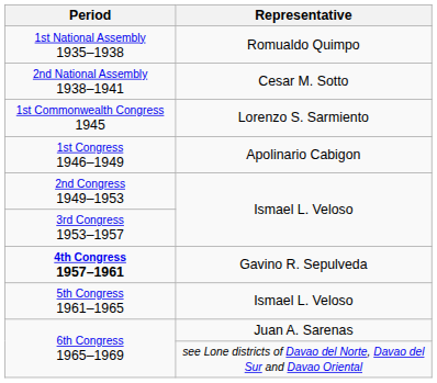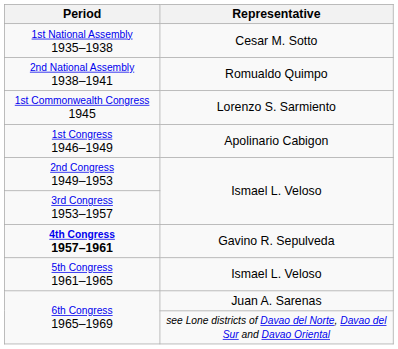 <table class="wikitable" style="text-align:center; width:40%;">
 <tr>
 <th width=40%>Period</th>
 <th>Representative</th>
 </tr>
 <tr>
 <td><small><a href='#'>1st National Assembly</a></small><br>1935–1938</td>
-<td>Romualdo Quimpo</td>
+<td>Cesar M. Sotto</td>
 </tr>
 <tr>
 <td><small><a href='#'>2nd National Assembly</a></small><br>1938–1941</td>
-<td>Cesar M. Sotto</td>
+<td>Romualdo Quimpo</td>
 </tr>
 <tr>
 <td><small><a href='#'>1st Commonwealth Congress</a></small><br>1945</td>
 <td>Lorenzo S. Sarmiento</td>
 </tr>
 <tr>
 <td><small><a href='#'>1st Congress</a></small><br>1946–1949</td>
 <td>Apolinario Cabigon</td>
 </tr>
 <tr>
 <td><small><a href='#'>2nd Congress</a></small><br>1949–1953</td>
 <td rowspan=2>Ismael L. Veloso</td>
 </tr>
 <tr>
 <td><small><a href='#'>3rd Congress</a></small><br>1953–1957</td>
 </tr>
 <tr>
 <td><strong><small><a href='#'>4th Congress</a></small><br>1957–1961</strong></td>
 <td>Gavino R. Sepulveda</td>
 </tr>
 <tr>
 <td><small><a href='#'>5th Congress</a></small><br>1961–1965</td>
 <td>Ismael L. Veloso</td>
 </tr>
 <tr>
 <td rowspan=2><small><a href='#'>6th Congress</a></small><br>1965–1969</td>
 <td>Juan A. Sarenas</td>
 </tr>
 <tr>
 <td><small><em>see Lone districts of <a href='#'>Davao del Norte</a>, <a href='#'>Davao del Sur</a> and <a href='#'>Davao Oriental</a></em></small></td>
 </tr>
 </table>
